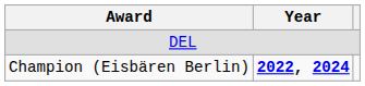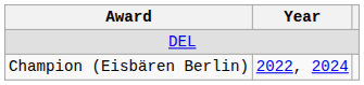 <table class="wikitable">
 <tr>
 <th>Award</th>
 <th>Year</th>
 <th></th>
 </tr>
 <tr ALIGN="center" bgcolor="#e0e0e0">
 <td colspan="3"><a href='#'>DEL</a></td>
 </tr>
 <tr>
 <td>Champion (Eisbären Berlin)</td>
-<td><strong><a href='#'>2022</a>, <a href='#'>2024</a></strong></td>
+<td><a href='#'>2022</a>, <a href='#'>2024</a></td>
 <td></td>
 </tr>
 </table>
